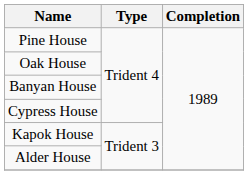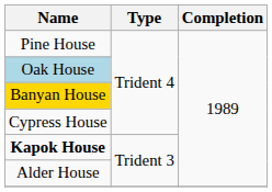 <table class="wikitable" style="text-align: center">
 <tr>
 <th>Name</th>
 <th>Type</th>
 <th>Completion</th>
 </tr>
 <tr>
 <td>Pine House</td>
 <td rowspan="4">Trident 4</td>
 <td rowspan="6">1989</td>
 </tr>
 <tr>
-<td>Oak House</td>
+<td style="background: lightblue;">Oak House</td>
 </tr>
 <tr>
-<td>Banyan House</td>
+<td style="background: gold;">Banyan House</td>
 </tr>
 <tr>
 <td>Cypress House</td>
 </tr>
 <tr>
-<td>Kapok House</td>
+<td><strong>Kapok House</strong></td>
 <td rowspan="2">Trident 3</td>
 </tr>
 <tr>
 <td>Alder House</td>
 </tr>
 <tr>
 </tr>
 </table>
